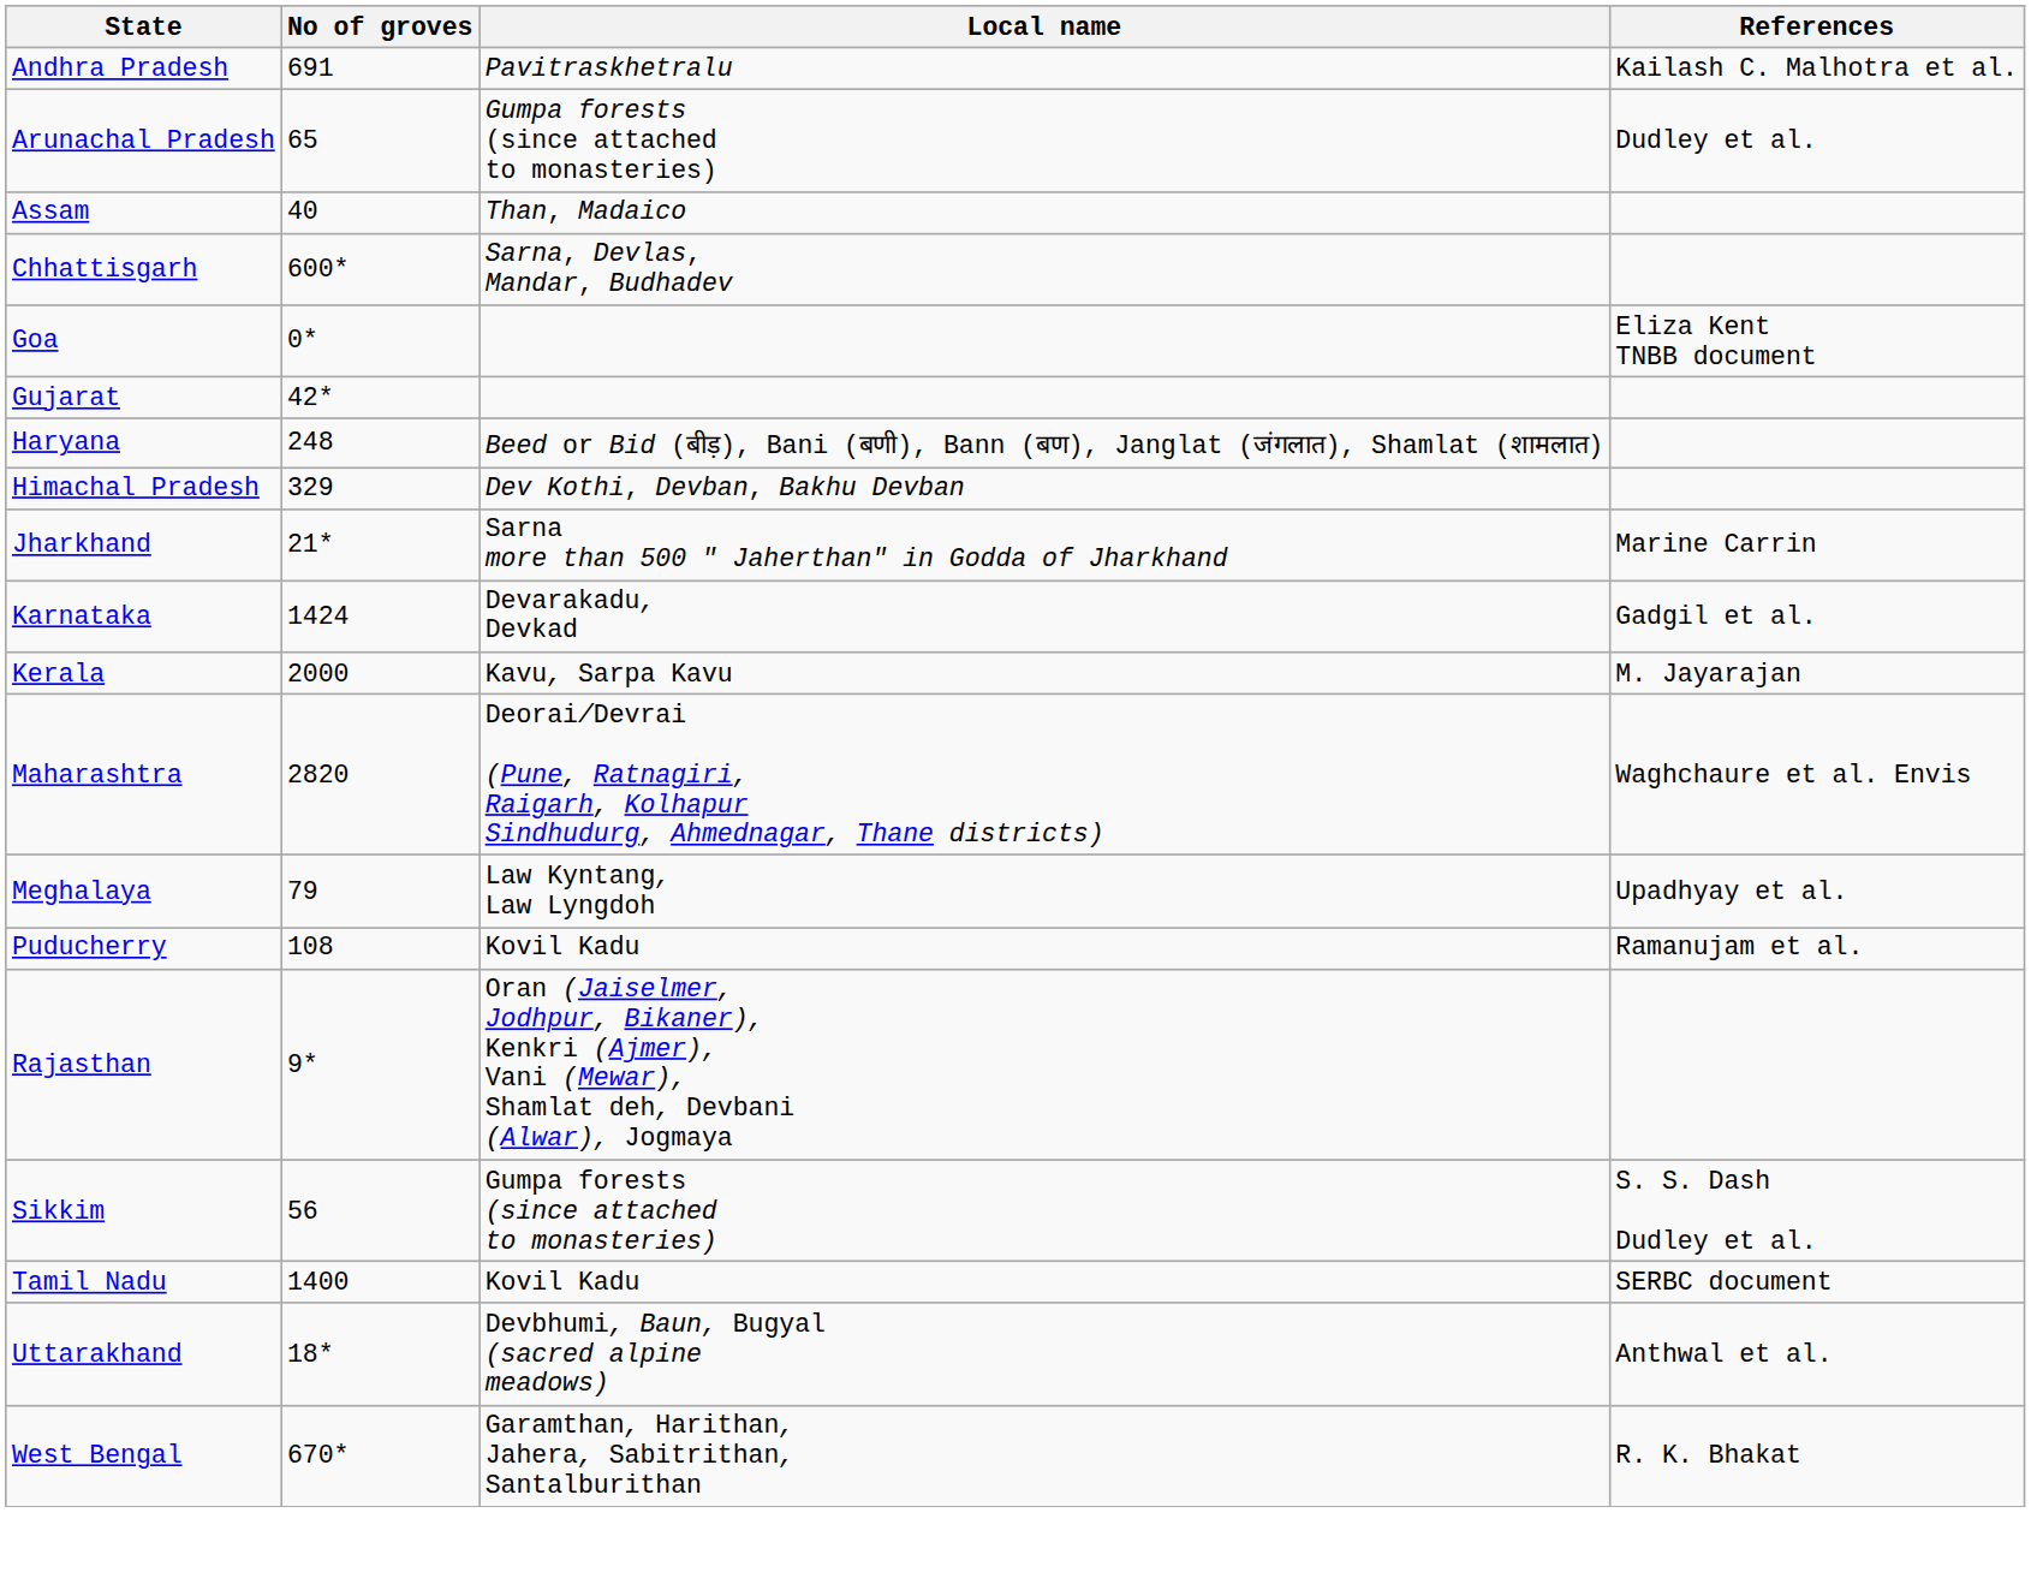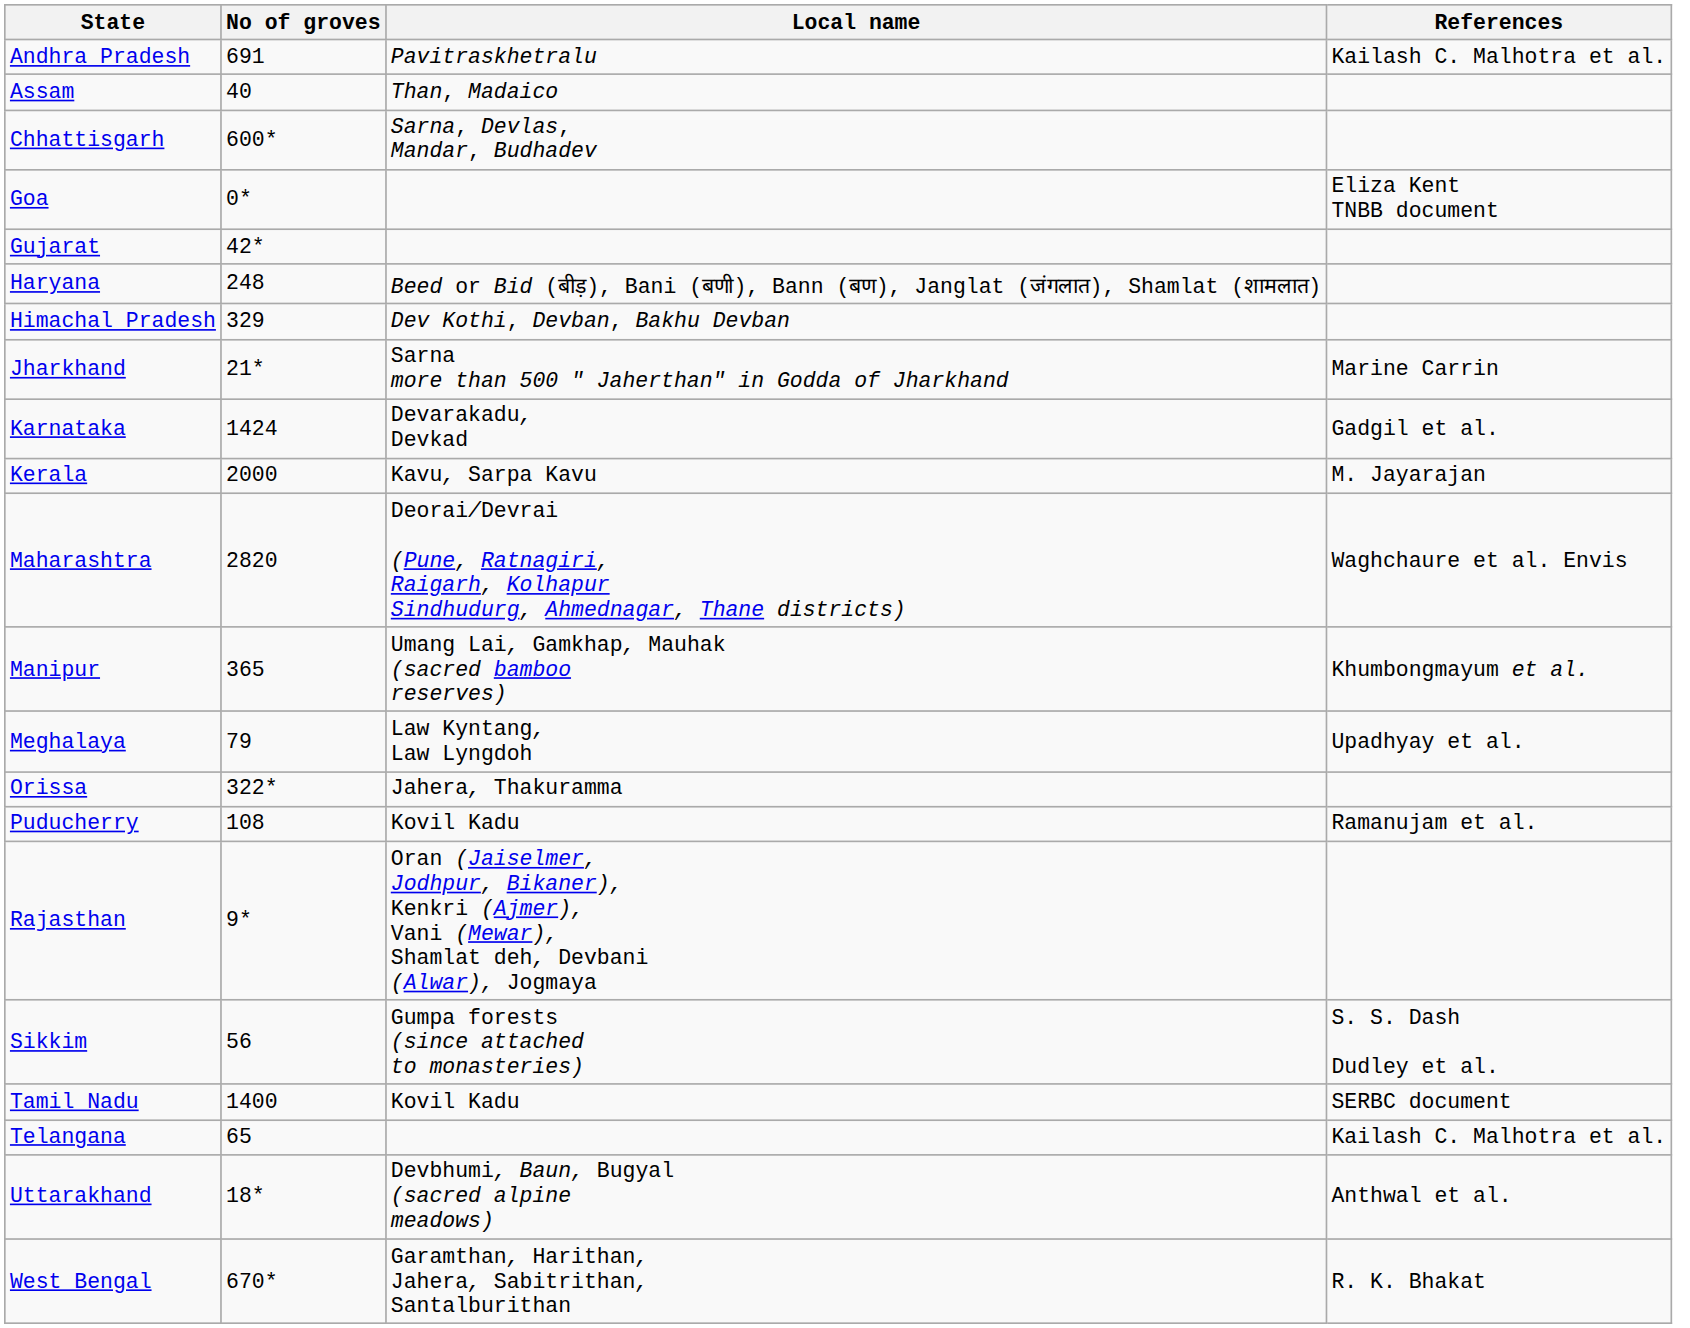 <table class="wikitable sortable plainrowheaders">
 <tr>
 <th scope = "col">State</th>
 <th scope = "col">No of groves</th>
 <th scope = "col">Local name</th>
 <th scope = "col" class = "unsortable">References</th>
 </tr>
 <tr>
 <td><a href='#'>Andhra Pradesh</a></td>
 <td>691</td>
 <td><em>Pavitraskhetralu</em></td>
 <td>Kailash C. Malhotra et al.</td>
-</tr>
-<tr>
-<td><a href='#'>Arunachal Pradesh</a></td>
-<td>65</td>
-<td><em>Gumpa forests</em><br>(since attached<br>to monasteries)</td>
-<td>Dudley et al.</td>
 </tr>
 <tr>
 <td><a href='#'>Assam</a></td>
 <td>40</td>
 <td><em>Than</em>, <em>Madaico</em></td>
 <td></td>
 </tr>
 <tr>
 <td><a href='#'>Chhattisgarh</a></td>
 <td>600*</td>
 <td><em>Sarna</em>, <em>Devlas</em>,<br><em>Mandar</em>, <em>Budhadev</em></td>
 <td></td>
 </tr>
 <tr>
 <td><a href='#'>Goa</a></td>
 <td>0*</td>
 <td></td>
 <td>Eliza Kent <br>TNBB document </td>
 </tr>
 <tr>
 <td><a href='#'>Gujarat</a></td>
 <td>42*</td>
 <td></td>
 <td></td>
 </tr>
 <tr>
 <td><a href='#'>Haryana</a></td>
 <td>248</td>
 <td><em>Beed</em> or <em>Bid</em> (बीड़), Bani (बणी), Bann (बण), Janglat (जंगलात), Shamlat (शामलात)</td>
 <td></td>
 </tr>
 <tr>
 <td><a href='#'>Himachal Pradesh</a></td>
 <td>329</td>
 <td><em>Dev Kothi</em>, <em>Devban</em>, <em>Bakhu Devban</td>
 <td></td>
 </tr>
 <tr>
 <td><a href='#'>Jharkhand</a></td>
 <td>21*</td>
 <td></em>Sarna<em><br>more than 500 " Jaherthan" in Godda of Jharkhand</td>
 <td>Marine Carrin </td>
 </tr>
 <tr>
 <td><a href='#'>Karnataka</a></td>
 <td>1424</td>
 <td></em>Devarakadu<em>,<br> </em>Devkad<em></td>
 <td>Gadgil et al.</td>
 </tr>
 <tr>
 <td><a href='#'>Kerala</a></td>
 <td>2000</td>
 <td></em>Kavu<em>, </em>Sarpa Kavu<em></td>
 <td>M. Jayarajan </td>
 </tr>
 <tr>
 <td><a href='#'>Maharashtra</a></td>
 <td>2820</td>
 <td></em>Deorai<em>/</em>Devrai<em><br><br>(<a href='#'>Pune</a>, <a href='#'>Ratnagiri</a>,<br> <a href='#'>Raigarh</a>, <a href='#'>Kolhapur</a><br> <a href='#'>Sindhudurg</a>, <a href='#'>Ahmednagar</a>, <a href='#'>Thane</a> districts)</td>
 <td>Waghchaure et al. Envis</td>
 </tr>
 <tr>
+<td><a href='#'>Manipur</a></td>
+<td>365</td>
+<td></em>Umang Lai<em>, </em>Gamkhap<em>, </em>Mauhak<em><br>(sacred <a href='#'>bamboo</a><br>reserves)</td>
+<td></em>Khumbongmayum<em> et al.</td>
+</tr>
+<tr>
 <td><a href='#'>Meghalaya</a></td>
 <td>79</td>
 <td></em>Law Kyntang<em>,<br></em>Law Lyngdoh<em></td>
 <td>Upadhyay et al.</td>
+</tr>
+<tr>
+<td><a href='#'>Orissa</a></td>
+<td>322*</td>
+<td></em>Jahera<em>, </em>Thakuramma<em></td>
+<td></td>
 </tr>
 <tr>
 <td><a href='#'>Puducherry</a></td>
 <td>108</td>
 <td></em>Kovil Kadu<em></td>
 <td>Ramanujam et al.</td>
 </tr>
 <tr>
 <td><a href='#'>Rajasthan</a></td>
 <td>9*</td>
 <td></em>Oran<em> (<a href='#'>Jaiselmer</a>,<br><a href='#'>Jodhpur</a>, <a href='#'>Bikaner</a>),<br></em>Kenkri<em> (<a href='#'>Ajmer</a>),<br></em>Vani<em> (<a href='#'>Mewar</a>),<br></em>Shamlat deh<em>, </em>Devbani<em> <br>(<a href='#'>Alwar</a>), </em>Jogmaya<em></td>
 <td></td>
 </tr>
 <tr>
 <td><a href='#'>Sikkim</a></td>
 <td>56</td>
 <td></em>Gumpa forests<em><br>(since attached<br>to monasteries)</td>
 <td>S. S. Dash <br><br>Dudley et al.</td>
 </tr>
 <tr>
 <td><a href='#'>Tamil Nadu</a></td>
 <td>1400</td>
 <td></em>Kovil Kadu<em></td>
 <td>SERBC document </td>
 </tr>
 <tr>
+<td><a href='#'>Telangana</a></td>
+<td>65</td>
+<td></td>
+<td>Kailash C. Malhotra et al.</td>
+</tr>
+<tr>
 <td><a href='#'>Uttarakhand</a></td>
 <td>18*</td>
 <td></em>Devbhumi<em>, Baun, </em>Bugyal<em><br>(sacred alpine<br>meadows)</td>
 <td>Anthwal et al.</td>
 </tr>
 <tr>
 <td><a href='#'>West Bengal</a></td>
 <td>670*</td>
 <td></em>Garamthan<em>, </em>Harithan<em>,<br></em>Jahera<em>, </em>Sabitrithan<em>,<br></em>Santalburithan<em></td>
 <td>R. K. Bhakat </td>
 </tr>
 </table>
